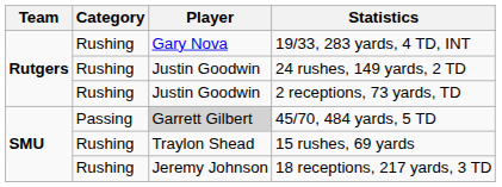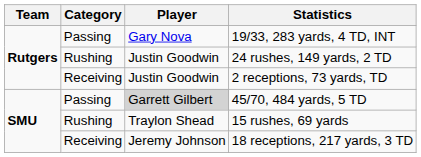 <table class="wikitable" style="float: left;">
 <tr>
 <th>Team</th>
 <th>Category</th>
 <th>Player</th>
 <th>Statistics</th>
 </tr>
 <tr>
 <td rowspan=3><strong>Rutgers</strong></td>
-<td>Rushing</td>
+<td>Passing</td>
 <td><a href='#'>Gary Nova</a></td>
 <td>19/33, 283 yards, 4 TD, INT</td>
 </tr>
 <tr>
 <td>Rushing</td>
 <td>Justin Goodwin</td>
 <td>24 rushes, 149 yards, 2 TD</td>
 </tr>
 <tr>
-<td>Rushing</td>
+<td>Receiving</td>
 <td>Justin Goodwin</td>
 <td>2 receptions, 73 yards, TD</td>
 </tr>
 <tr>
 <td rowspan=3><strong>SMU</strong></td>
 <td>Passing</td>
 <td style="background: lightgrey;">Garrett Gilbert</td>
 <td>45/70, 484 yards, 5 TD</td>
 </tr>
 <tr>
 <td>Rushing</td>
 <td>Traylon Shead</td>
 <td>15 rushes, 69 yards</td>
 </tr>
 <tr>
-<td>Rushing</td>
+<td>Receiving</td>
 <td>Jeremy Johnson</td>
 <td>18 receptions, 217 yards, 3 TD</td>
 </tr>
 </table>
